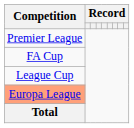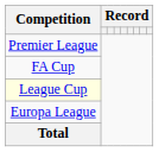 <table class="wikitable" style="text-align: center">
 <tr>
 <th rowspan=2>Competition</th>
 <th colspan=8>Record</th>
 </tr>
 <tr>
 <th></th>
 <th></th>
 <th></th>
 <th></th>
 <th></th>
 <th></th>
 <th></th>
 <th></th>
 </tr>
 <tr>
 <td><a href='#'>Premier League</a><br></td>
 </tr>
 <tr>
 <td><a href='#'>FA Cup</a><br></td>
 </tr>
 <tr>
-<td><a href='#'>League Cup</a><br></td>
+<td style="background: lightyellow;"><a href='#'>League Cup</a><br></td>
 </tr>
 <tr>
-<td style="background: lightsalmon;"><a href='#'>Europa League</a><br></td>
+<td><a href='#'>Europa League</a><br></td>
 </tr>
 <tr>
 <th>Total<br></th>
 </tr>
 </table>
